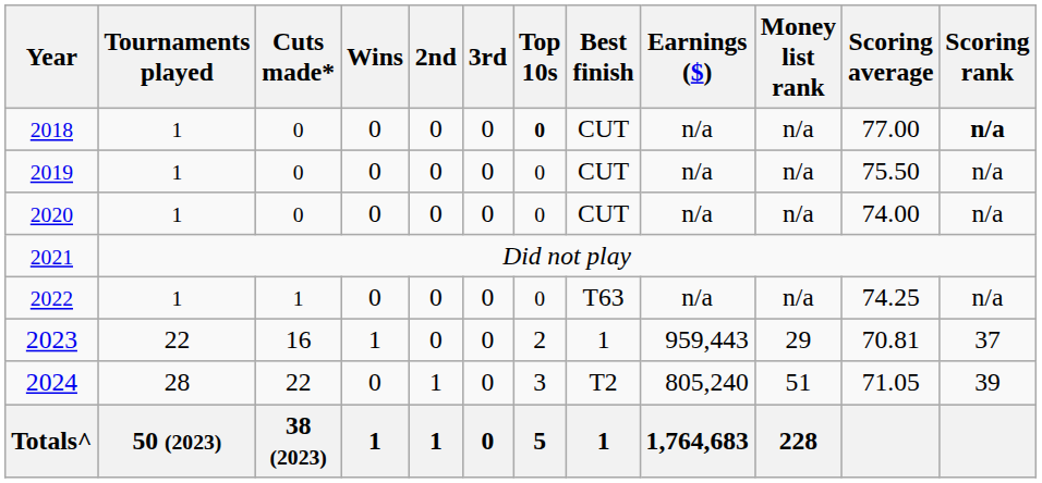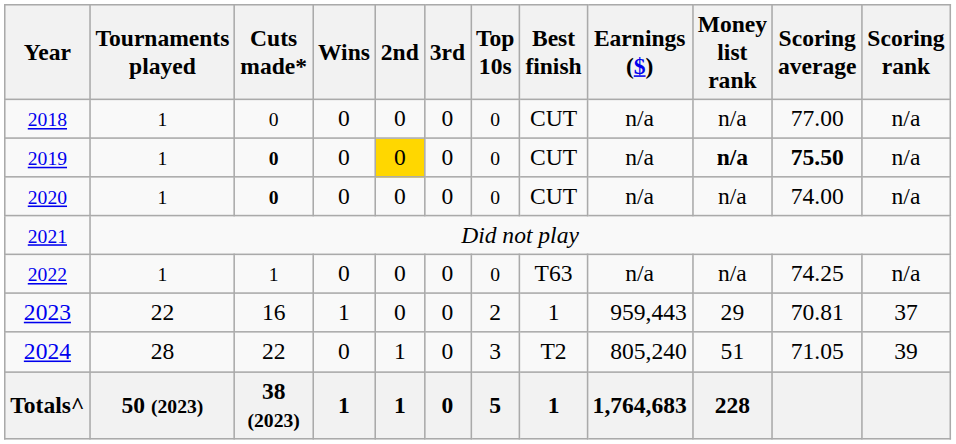 <table class="wikitable" style="text-align:center; font-size: 95%;">
 <tr>
 <th>Year</th>
 <th>Tournaments <br>played</th>
 <th>Cuts <br>made*</th>
 <th>Wins </th>
 <th>2nd</th>
 <th>3rd</th>
 <th>Top <br>10s</th>
 <th>Best <br>finish</th>
 <th>Earnings<br>(<a href='#'>$</a>)</th>
 <th>Money<br>list rank</th>
 <th>Scoring <br> average</th>
 <th>Scoring<br>rank</th>
 </tr>
 <tr>
 <td><small><a href='#'>2018</a></small></td>
 <td><small>1</small></td>
 <td><small>0</small></td>
 <td>0</td>
 <td>0</td>
 <td>0</td>
-<td><strong><small>0</small></strong></td>
+<td><small>0</small></td>
 <td>CUT</td>
 <td>n/a</td>
 <td>n/a</td>
 <td>77.00</td>
-<td><strong>n/a</strong></td>
+<td>n/a</td>
 </tr>
 <tr>
 <td><small><a href='#'>2019</a></small></td>
 <td><small>1</small></td>
-<td><small>0</small></td>
+<td><strong><small>0</small></strong></td>
 <td>0</td>
-<td>0</td>
+<td style="background: gold;">0</td>
 <td>0</td>
 <td><small>0</small></td>
 <td>CUT</td>
 <td>n/a</td>
-<td>n/a</td>
-<td>75.50</td>
+<td><strong>n/a</strong></td>
+<td><strong>75.50</strong></td>
 <td>n/a</td>
 </tr>
 <tr>
 <td><small><a href='#'>2020</a></small></td>
 <td><small>1</small></td>
-<td><small>0</small></td>
+<td><strong><small>0</small></strong></td>
 <td>0</td>
 <td>0</td>
 <td>0</td>
 <td><small>0</small></td>
 <td>CUT</td>
 <td>n/a</td>
 <td>n/a</td>
 <td>74.00</td>
 <td>n/a</td>
 </tr>
 <tr>
 <td><small><a href='#'>2021</a></small></td>
 <td colspan=11><em>Did not play</em></td>
 </tr>
 <tr>
 <td><small><a href='#'>2022</a></small></td>
 <td><small>1</small></td>
 <td><small>1</small></td>
 <td>0</td>
 <td>0</td>
 <td>0</td>
 <td><small>0</small></td>
 <td>T63</td>
 <td>n/a </td>
 <td>n/a</td>
 <td>74.25</td>
 <td>n/a</td>
 </tr>
 <tr>
 <td><a href='#'>2023</a></td>
 <td>22</td>
 <td>16</td>
 <td>1</td>
 <td>0</td>
 <td>0</td>
 <td>2</td>
 <td>1</td>
 <td align=right>959,443</td>
 <td>29</td>
 <td>70.81</td>
 <td>37</td>
 </tr>
 <tr>
 <td><a href='#'>2024</a></td>
 <td>28</td>
 <td>22</td>
 <td>0</td>
 <td>1</td>
 <td>0</td>
 <td>3</td>
 <td>T2</td>
 <td align=right>805,240</td>
 <td>51</td>
 <td>71.05</td>
 <td>39</td>
 </tr>
 <tr>
 <th>Totals^</th>
 <th>50 <small>(2023)</small> </th>
 <th>38 <small>(2023)</small> </th>
 <th>1   </th>
 <th>1 </th>
 <th>0 </th>
 <th>5 </th>
 <th>1 </th>
 <th align=right>1,764,683</th>
 <th>228 </th>
 <th></th>
 <th></th>
 </tr>
 </table>
